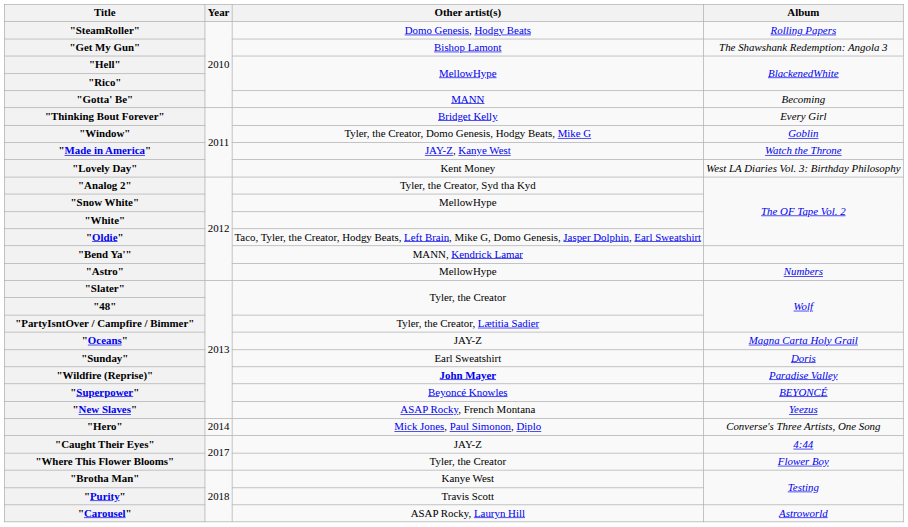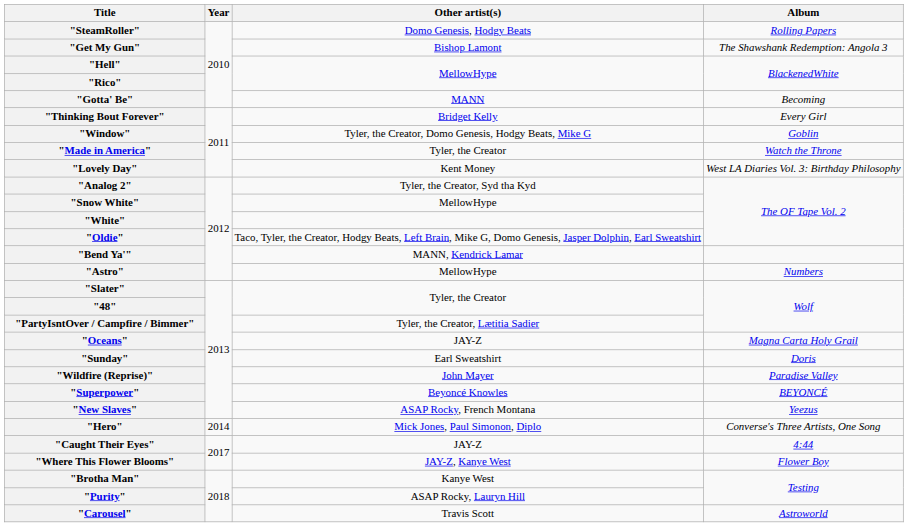 <table class="wikitable plainrowheaders" style="text-align:center;">
 <tr>
 <th scope="col" style="width:18em;">Title</th>
 <th scope="col">Year</th>
 <th scope="col">Other artist(s)</th>
 <th scope="col">Album</th>
 </tr>
 <tr>
 <th scope="row">"SteamRoller"</th>
 <td rowspan="5">2010</td>
 <td><a href='#'>Domo Genesis</a>, <a href='#'>Hodgy Beats</a></td>
 <td><em><a href='#'>Rolling Papers</a></em></td>
 </tr>
 <tr>
 <th scope="row">"Get My Gun"</th>
 <td><a href='#'>Bishop Lamont</a></td>
 <td><em>The Shawshank Redemption: Angola 3</em></td>
 </tr>
 <tr>
 <th scope="row">"Hell"</th>
 <td rowspan="2"><a href='#'>MellowHype</a></td>
 <td rowspan="2"><em><a href='#'>BlackenedWhite</a></em></td>
 </tr>
 <tr>
 <th scope="row">"Rico"</th>
 </tr>
 <tr>
 <th scope="row">"Gotta' Be"</th>
 <td><a href='#'>MANN</a></td>
 <td><em>Becoming</em></td>
 </tr>
 <tr>
 <th scope="row">"Thinking Bout Forever"</th>
 <td rowspan="4">2011</td>
 <td><a href='#'>Bridget Kelly</a></td>
 <td><em>Every Girl</em></td>
 </tr>
 <tr>
 <th scope="row">"Window"</th>
 <td>Tyler, the Creator, Domo Genesis, Hodgy Beats, <a href='#'>Mike G</a></td>
 <td><em><a href='#'>Goblin</a></em></td>
 </tr>
 <tr>
 <th scope="row">"<a href='#'>Made in America</a>"</th>
-<td><a href='#'>JAY-Z</a>, <a href='#'>Kanye West</a></td>
+<td>Tyler, the Creator</td>
 <td><em><a href='#'>Watch the Throne</a></em></td>
 </tr>
 <tr>
 <th scope="row">"Lovely Day"</th>
 <td>Kent Money</td>
 <td><em>West LA Diaries Vol. 3: Birthday Philosophy</em></td>
 </tr>
 <tr>
 <th scope="row">"Analog 2"</th>
 <td rowspan="6">2012</td>
 <td>Tyler, the Creator, Syd tha Kyd</td>
 <td rowspan="4"><em><a href='#'>The OF Tape Vol. 2</a></em></td>
 </tr>
 <tr>
 <th scope="row">"Snow White"</th>
 <td>MellowHype</td>
 </tr>
 <tr>
 <th scope="row">"White"</th>
 <td></td>
 </tr>
 <tr>
 <th scope="row">"<a href='#'>Oldie</a>"</th>
 <td>Taco, Tyler, the Creator, Hodgy Beats, <a href='#'>Left Brain</a>, Mike G, Domo Genesis, <a href='#'>Jasper Dolphin</a>, <a href='#'>Earl Sweatshirt</a></td>
 </tr>
 <tr>
 <th scope="row">"Bend Ya'"</th>
 <td>MANN, <a href='#'>Kendrick Lamar</a></td>
 <td></td>
 </tr>
 <tr>
 <th scope="row">"Astro"</th>
 <td>MellowHype</td>
 <td><em><a href='#'>Numbers</a></em></td>
 </tr>
 <tr>
 <th scope="row">"Slater"</th>
 <td rowspan="8">2013</td>
 <td rowspan="2">Tyler, the Creator</td>
 <td rowspan="3"><em><a href='#'>Wolf</a></em></td>
 </tr>
 <tr>
 <th scope="row">"48"</th>
 </tr>
 <tr>
 <th scope="row">"PartyIsntOver / Campfire / Bimmer"</th>
 <td>Tyler, the Creator, <a href='#'>Lætitia Sadier</a></td>
 </tr>
 <tr>
 <th scope="row">"<a href='#'>Oceans</a>"</th>
 <td>JAY-Z</td>
 <td><em><a href='#'>Magna Carta Holy Grail</a></em></td>
 </tr>
 <tr>
 <th scope="row">"Sunday"</th>
 <td>Earl Sweatshirt</td>
 <td><em><a href='#'>Doris</a></em></td>
 </tr>
 <tr>
 <th scope="row">"Wildfire (Reprise)"</th>
-<td><strong><a href='#'>John Mayer</a></strong></td>
+<td><a href='#'>John Mayer</a></td>
 <td><em><a href='#'>Paradise Valley</a></em></td>
 </tr>
 <tr>
 <th scope="row">"<a href='#'>Superpower</a>"</th>
 <td><a href='#'>Beyoncé Knowles</a></td>
 <td><em><a href='#'>BEYONCÉ</a></em></td>
 </tr>
 <tr>
 <th scope="row">"<a href='#'>New Slaves</a>"</th>
 <td><a href='#'>ASAP Rocky</a>, French Montana</td>
 <td><em><a href='#'>Yeezus</a></em></td>
 </tr>
 <tr>
 <th scope="row">"Hero"</th>
 <td>2014</td>
 <td><a href='#'>Mick Jones</a>, <a href='#'>Paul Simonon</a>, <a href='#'>Diplo</a></td>
 <td><em>Converse's Three Artists, One Song</em></td>
 </tr>
 <tr>
 <th scope="row">"Caught Their Eyes"</th>
 <td rowspan="2">2017</td>
 <td>JAY-Z</td>
 <td><em><a href='#'>4:44</a></em></td>
 </tr>
 <tr>
 <th scope="row">"Where This Flower Blooms"</th>
-<td>Tyler, the Creator</td>
+<td><a href='#'>JAY-Z</a>, <a href='#'>Kanye West</a></td>
 <td><em><a href='#'>Flower Boy</a></em></td>
 </tr>
 <tr>
 <th scope="row">"Brotha Man"</th>
 <td rowspan="3">2018</td>
 <td>Kanye West</td>
 <td rowspan="2"><em><a href='#'>Testing</a></em></td>
 </tr>
 <tr>
 <th scope="row">"<a href='#'>Purity</a>"</th>
-<td>Travis Scott</td>
+<td>ASAP Rocky, <a href='#'>Lauryn Hill</a></td>
 </tr>
 <tr>
 <th scope="row">"<a href='#'>Carousel</a>"</th>
-<td>ASAP Rocky, <a href='#'>Lauryn Hill</a></td>
+<td>Travis Scott</td>
 <td><em><a href='#'>Astroworld</a></em></td>
 </tr>
 </table>
